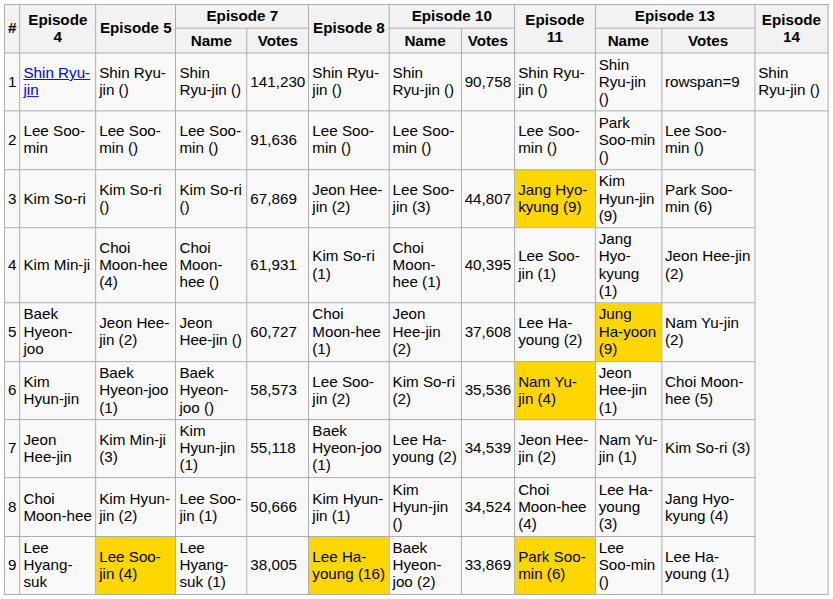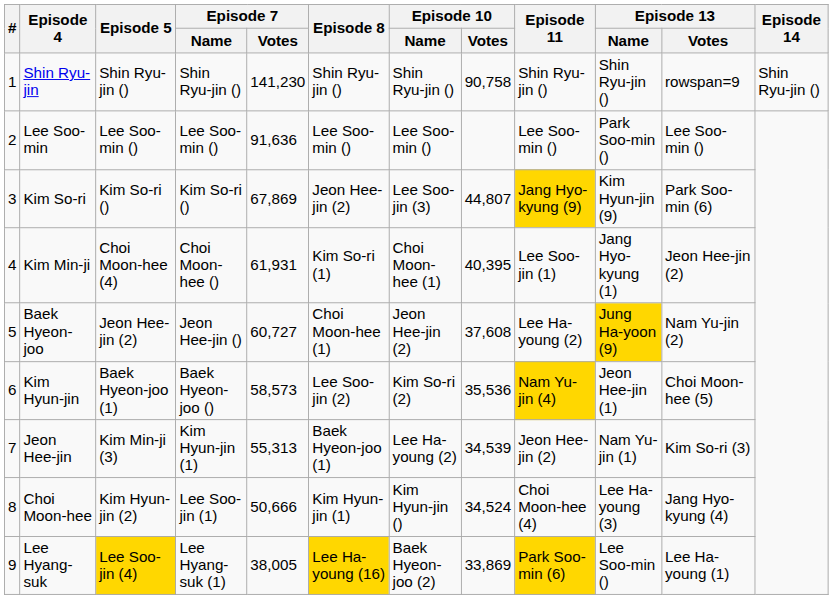 <table class="wikitable">
 <tr>
 <th rowspan="2">#</th>
 <th rowspan="2">Episode 4</th>
 <th rowspan="2">Episode 5</th>
 <th colspan="2">Episode 7</th>
 <th rowspan="2">Episode 8</th>
 <th colspan="2">Episode 10</th>
 <th rowspan="2">Episode 11</th>
 <th colspan="2">Episode 13</th>
 <th rowspan="2">Episode 14</th>
 </tr>
 <tr>
 <th>Name</th>
 <th>Votes</th>
 <th>Name</th>
 <th>Votes</th>
 <th>Name</th>
 <th>Votes</th>
 </tr>
 <tr>
 <td>1</td>
 <td><a href='#'>Shin Ryu-jin</a></td>
 <td>Shin Ryu-jin ()</td>
 <td>Shin Ryu-jin ()</td>
 <td>141,230</td>
 <td>Shin Ryu-jin ()</td>
 <td>Shin Ryu-jin ()</td>
 <td>90,758</td>
 <td>Shin Ryu-jin ()</td>
 <td>Shin Ryu-jin ()</td>
 <td>rowspan=9 </td>
 <td>Shin Ryu-jin ()</td>
 </tr>
 <tr>
 <td>2</td>
 <td>Lee Soo-min</td>
 <td>Lee Soo-min ()</td>
 <td>Lee Soo-min ()</td>
 <td>91,636</td>
 <td>Lee Soo-min ()</td>
 <td>Lee Soo-min ()</td>
 <td></td>
 <td>Lee Soo-min ()</td>
 <td>Park Soo-min ()</td>
 <td>Lee Soo-min ()</td>
 </tr>
 <tr>
 <td>3</td>
 <td>Kim So-ri</td>
 <td>Kim So-ri ()</td>
 <td>Kim So-ri ()</td>
 <td>67,869</td>
 <td>Jeon Hee-jin (2)</td>
 <td>Lee Soo-jin (3)</td>
 <td>44,807</td>
 <td style="background:gold">Jang Hyo-kyung (9)</td>
 <td>Kim Hyun-jin (9)</td>
 <td>Park Soo-min (6)</td>
 </tr>
 <tr>
 <td>4</td>
 <td>Kim Min-ji</td>
 <td>Choi Moon-hee (4)</td>
 <td>Choi Moon-hee ()</td>
 <td>61,931</td>
 <td>Kim So-ri (1)</td>
 <td>Choi Moon-hee (1)</td>
 <td>40,395</td>
 <td>Lee Soo-jin (1)</td>
 <td>Jang Hyo-kyung (1)</td>
 <td>Jeon Hee-jin (2)</td>
 </tr>
 <tr>
 <td>5</td>
 <td>Baek Hyeon-joo</td>
 <td>Jeon Hee-jin (2)</td>
 <td>Jeon Hee-jin ()</td>
 <td>60,727</td>
 <td>Choi Moon-hee (1)</td>
 <td>Jeon Hee-jin (2)</td>
 <td>37,608</td>
 <td>Lee Ha-young (2)</td>
 <td style="background:gold">Jung Ha-yoon (9)</td>
 <td>Nam Yu-jin (2)</td>
 </tr>
 <tr>
 <td>6</td>
 <td>Kim Hyun-jin</td>
 <td>Baek Hyeon-joo (1)</td>
 <td>Baek Hyeon-joo ()</td>
 <td>58,573</td>
 <td>Lee Soo-jin (2)</td>
 <td>Kim So-ri (2)</td>
 <td>35,536</td>
 <td style="background:gold">Nam Yu-jin (4)</td>
 <td>Jeon Hee-jin (1)</td>
 <td>Choi Moon-hee (5)</td>
 </tr>
 <tr>
 <td>7</td>
 <td>Jeon Hee-jin</td>
 <td>Kim Min-ji (3)</td>
 <td>Kim Hyun-jin (1)</td>
-<td>55,118</td>
+<td>55,313</td>
 <td>Baek Hyeon-joo (1)</td>
 <td>Lee Ha-young (2)</td>
 <td>34,539</td>
 <td>Jeon Hee-jin (2)</td>
 <td>Nam Yu-jin (1)</td>
 <td>Kim So-ri (3)</td>
 </tr>
 <tr>
 <td>8</td>
 <td>Choi Moon-hee</td>
 <td>Kim Hyun-jin (2)</td>
 <td>Lee Soo-jin (1)</td>
 <td>50,666</td>
 <td>Kim Hyun-jin (1)</td>
 <td>Kim Hyun-jin ()</td>
 <td>34,524</td>
 <td>Choi Moon-hee (4)</td>
 <td>Lee Ha-young (3)</td>
 <td>Jang Hyo-kyung (4)</td>
 </tr>
 <tr>
 <td>9</td>
 <td>Lee Hyang-suk</td>
 <td style="background:gold">Lee Soo-jin (4)</td>
 <td>Lee Hyang-suk (1)</td>
 <td>38,005</td>
 <td style="background:gold">Lee Ha-young (16)</td>
 <td>Baek Hyeon-joo (2)</td>
 <td>33,869</td>
 <td style="background:gold">Park Soo-min (6)</td>
 <td>Lee Soo-min ()</td>
 <td>Lee Ha-young (1)</td>
 </tr>
 </table>
